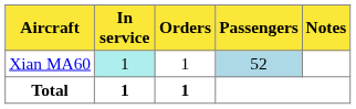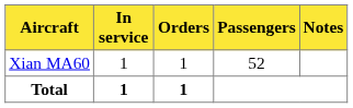 <table class="toccolours" border="1" cellpadding="3" style="margin:1em auto; border-collapse:collapse">
 <tr bgcolor=#FBE737>
 <th rowspan="1">Aircraft</th>
 <th rowspan="1" style="width:50px;">In service</th>
 <th rowspan="1" style="width:50px;">Orders</th>
 <th colspan="1">Passengers</th>
 <th rowspan="1">Notes</th>
 </tr>
 <tr>
 <td><a href='#'>Xian MA60</a></td>
-<td align=center style="background: paleturquoise;">1</td>
 <td align=center>1</td>
-<td align=center style="background: lightblue;">52</td>
+<td align=center>1</td>
+<td align=center>52</td>
 <td></td>
 </tr>
 <tr>
 <th>Total</th>
 <th>1</th>
 <th>1</th>
 <th colspan="3"></th>
 </tr>
 </table>
